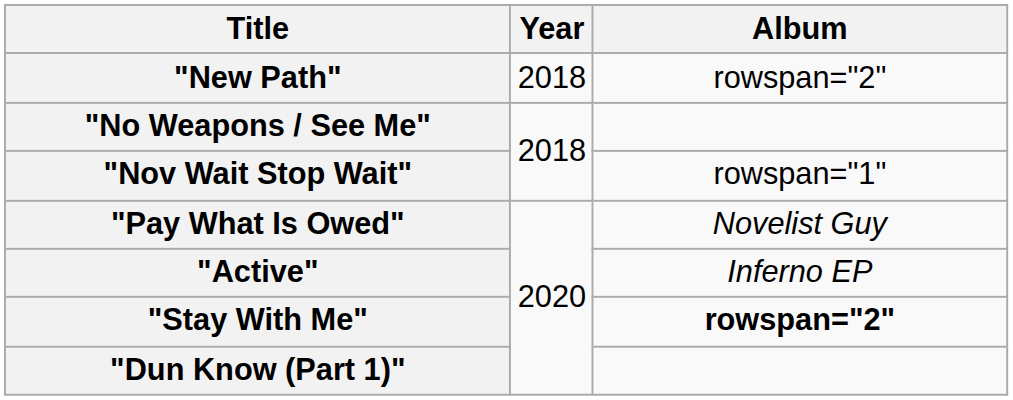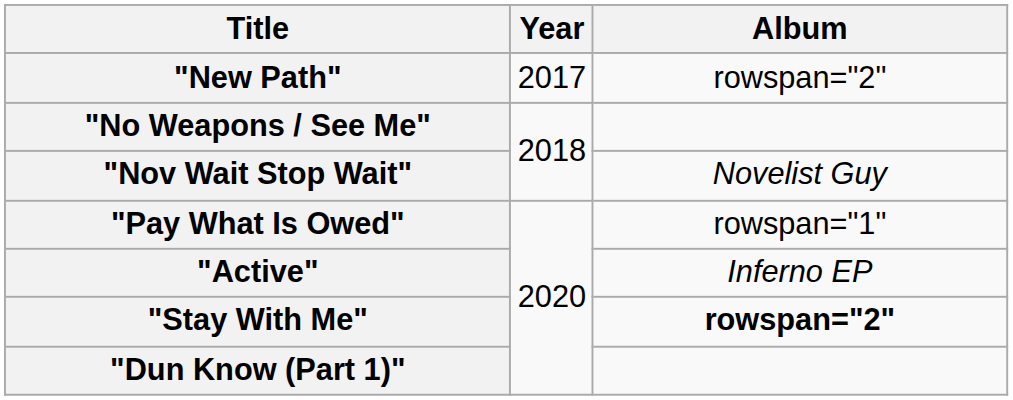 <table class="wikitable plainrowheaders" style="text-align:center;">
 <tr>
 <th scope="col" style="width:16em;">Title</th>
 <th scope="col" style="width:1em;">Year</th>
 <th scope="col" style="width:13em;">Album</th>
 </tr>
 <tr>
 <th scope="row">"New Path"</th>
-<td>2018</td>
+<td>2017</td>
 <td>rowspan="2" </td>
 </tr>
 <tr>
 <th scope="row">"No Weapons / See Me"</th>
 <td rowspan="2">2018</td>
 </tr>
 <tr>
 <th scope="row">"Nov Wait Stop Wait"</th>
-<td>rowspan="1" </td>
+<td><em>Novelist Guy</em></td>
 </tr>
 <tr>
 <th scope="row">"Pay What Is Owed"</th>
 <td rowspan="4">2020</td>
-<td><em>Novelist Guy</em></td>
+<td>rowspan="1" </td>
 </tr>
 <tr>
 <th scope="row">"Active"</th>
 <td><em>Inferno EP</em></td>
 </tr>
 <tr>
 <th scope="row">"Stay With Me"</th>
 <td><strong>rowspan="2" </strong></td>
 </tr>
 <tr>
 <th scope="row">"Dun Know (Part 1)"</th>
 </tr>
 </table>
